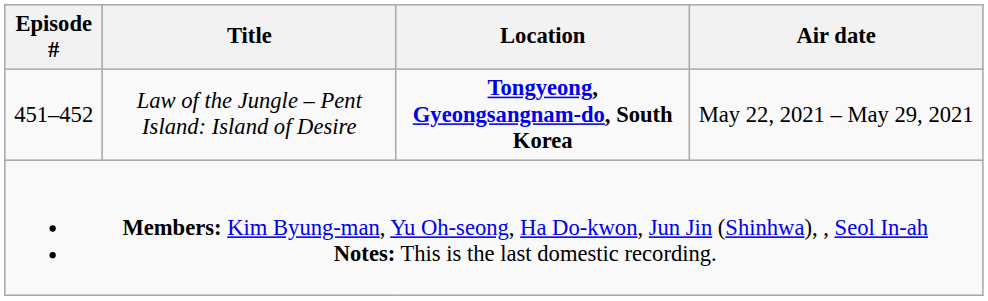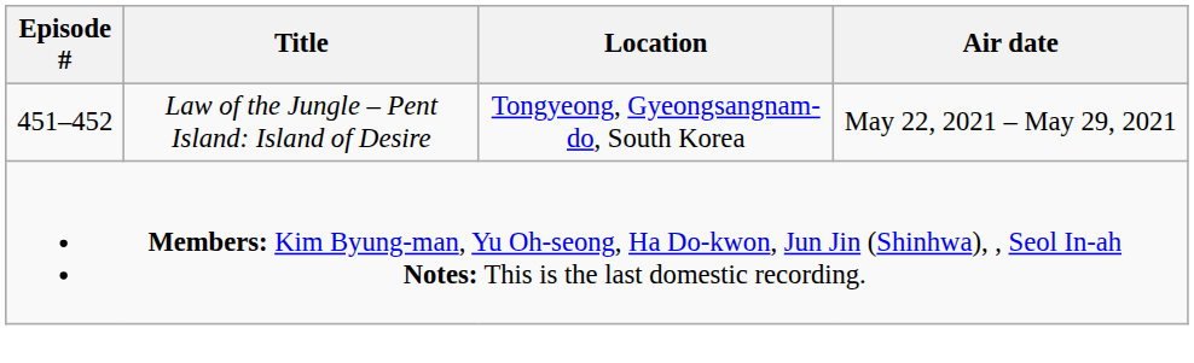 <table class="wikitable" style="text-align:center; font-size:90%; width:100%;">
 <tr>
 <th width="10%">Episode #</th>
 <th width="30%">Title</th>
 <th width="30%">Location</th>
 <th width="30%">Air date</th>
 </tr>
 <tr>
 <td>451–452</td>
 <td><em>Law of the Jungle – Pent Island: Island of Desire</em></td>
-<td><strong><a href='#'>Tongyeong</a>, <a href='#'>Gyeongsangnam-do</a>, South Korea</strong></td>
+<td><a href='#'>Tongyeong</a>, <a href='#'>Gyeongsangnam-do</a>, South Korea</td>
 <td>May 22, 2021 – May 29, 2021</td>
 </tr>
 <tr>
 <td colspan="4"><br><ul><li><strong>Members:</strong> <a href='#'>Kim Byung-man</a>, <a href='#'>Yu Oh-seong</a>, <a href='#'>Ha Do-kwon</a>, <a href='#'>Jun Jin</a> (<a href='#'>Shinhwa</a>), , <a href='#'>Seol In-ah</a></li><li><strong>Notes:</strong> This is the last domestic recording.</li></ul></td>
 </tr>
 </table>
